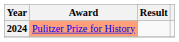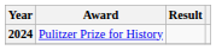 <table class="wikitable sortable">
 <tr>
 <th>Year</th>
 <th>Award</th>
 <th>Result</th>
 <th></th>
 </tr>
 <tr>
 <th rowspan="1">2024</th>
-<td style="background: lightsalmon;"><a href='#'>Pulitzer Prize for History</a></td>
+<td><a href='#'>Pulitzer Prize for History</a></td>
 <td></td>
 <td></td>
 </tr>
 <tr>
 </tr>
 </table>
